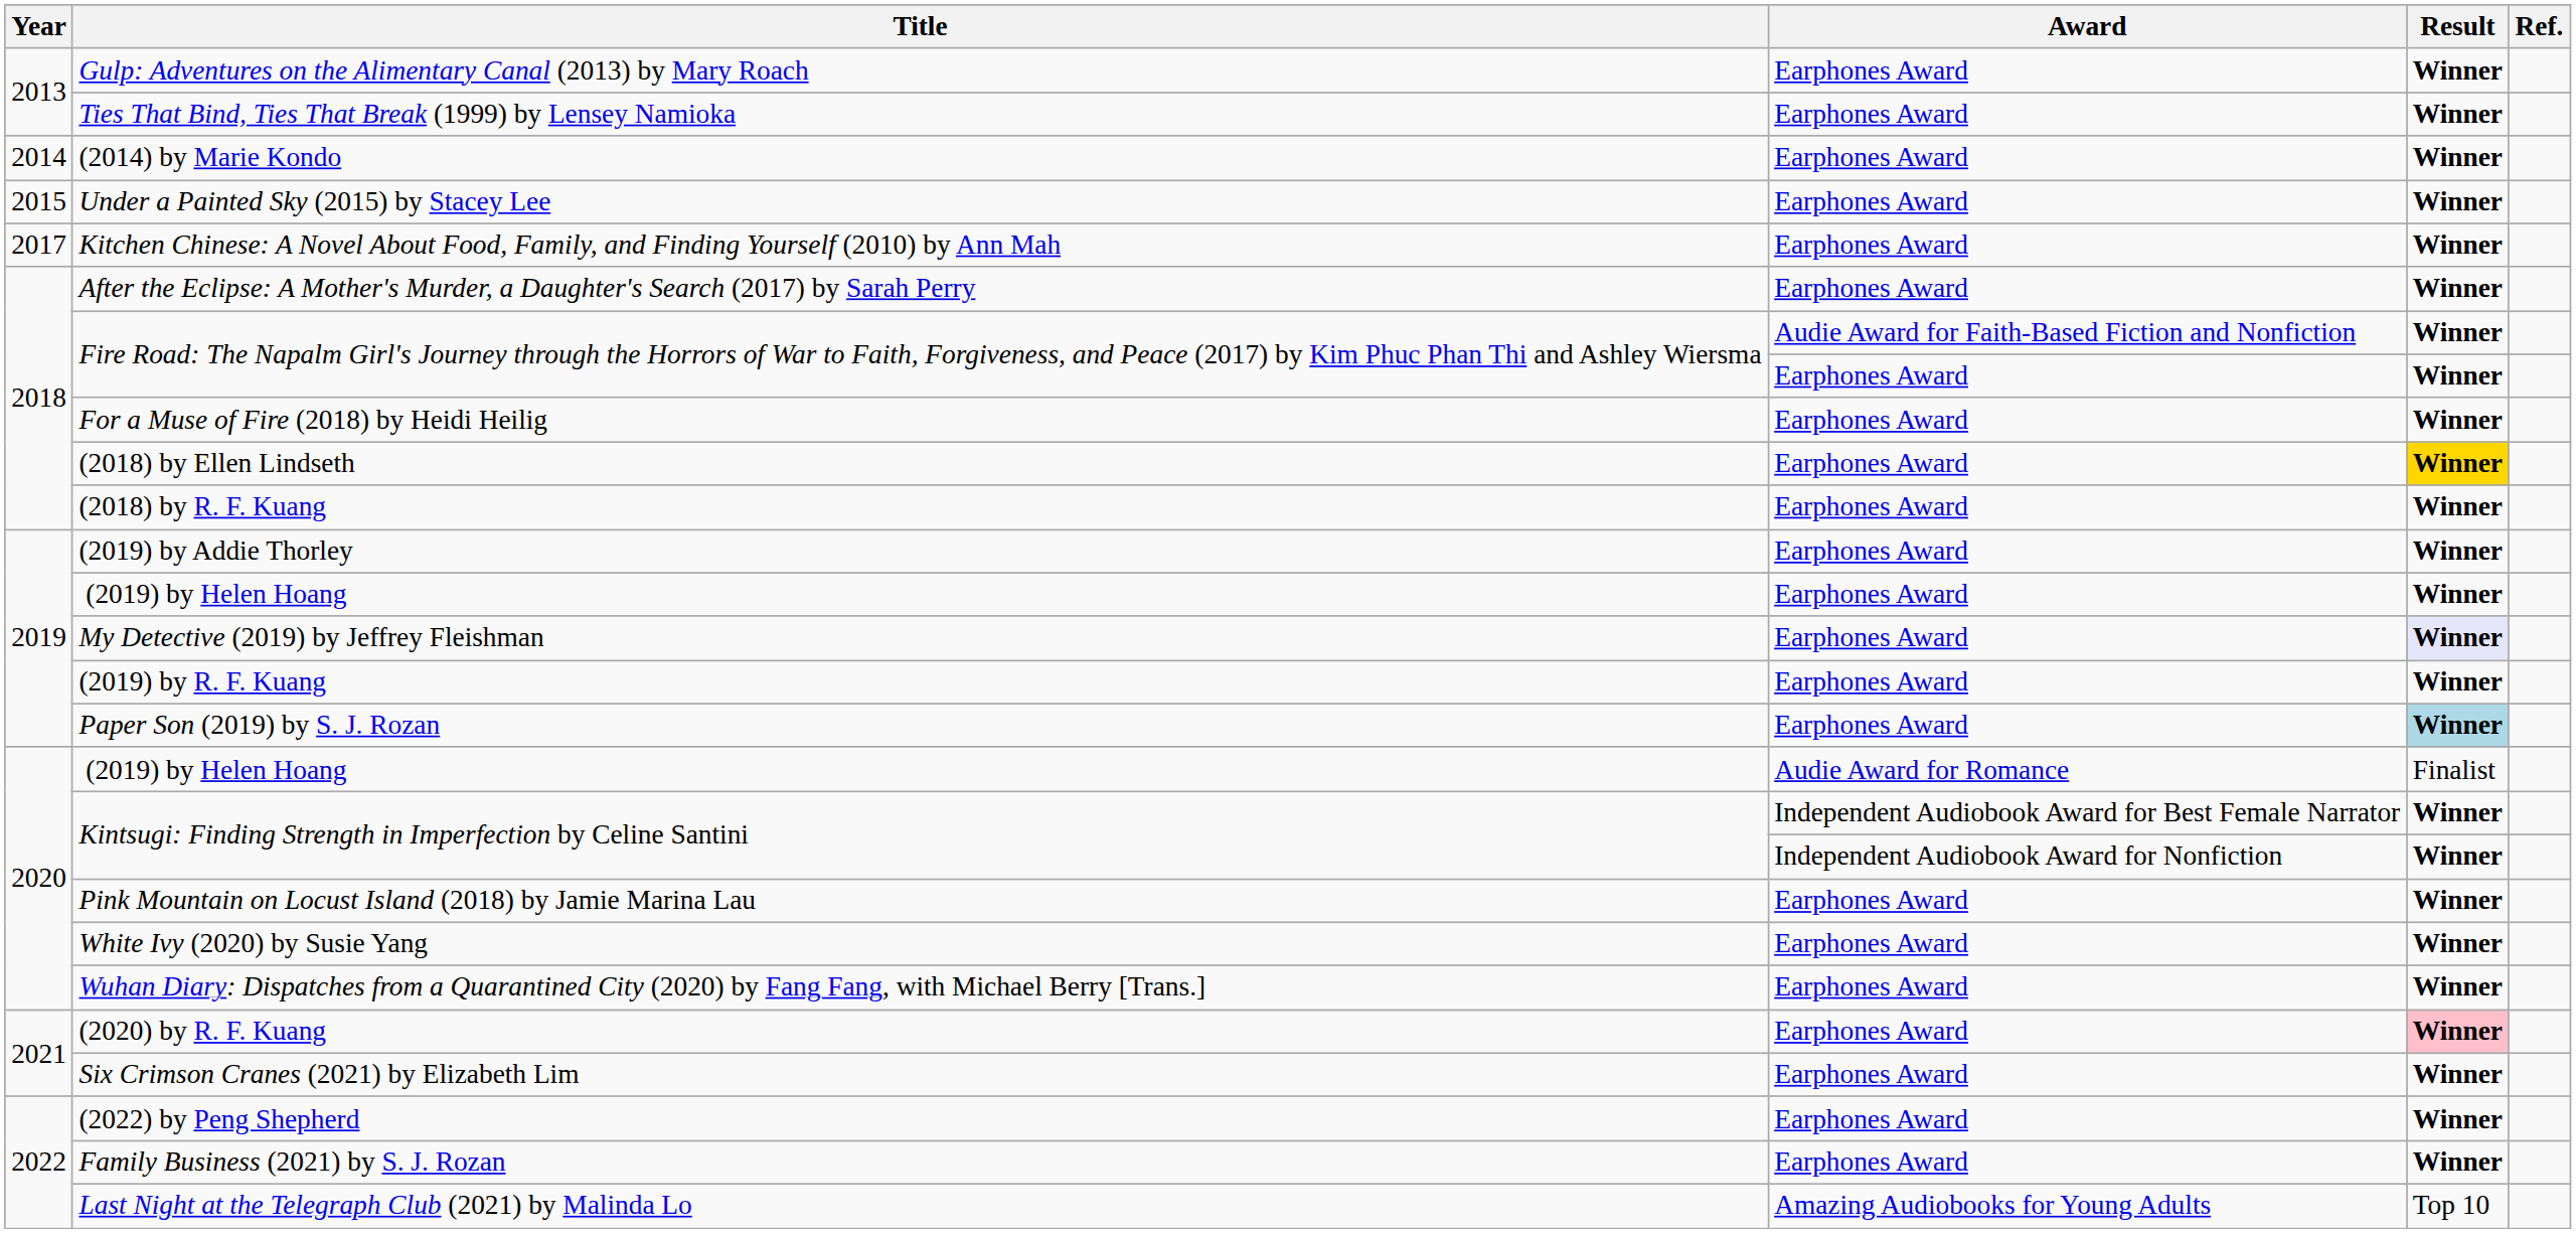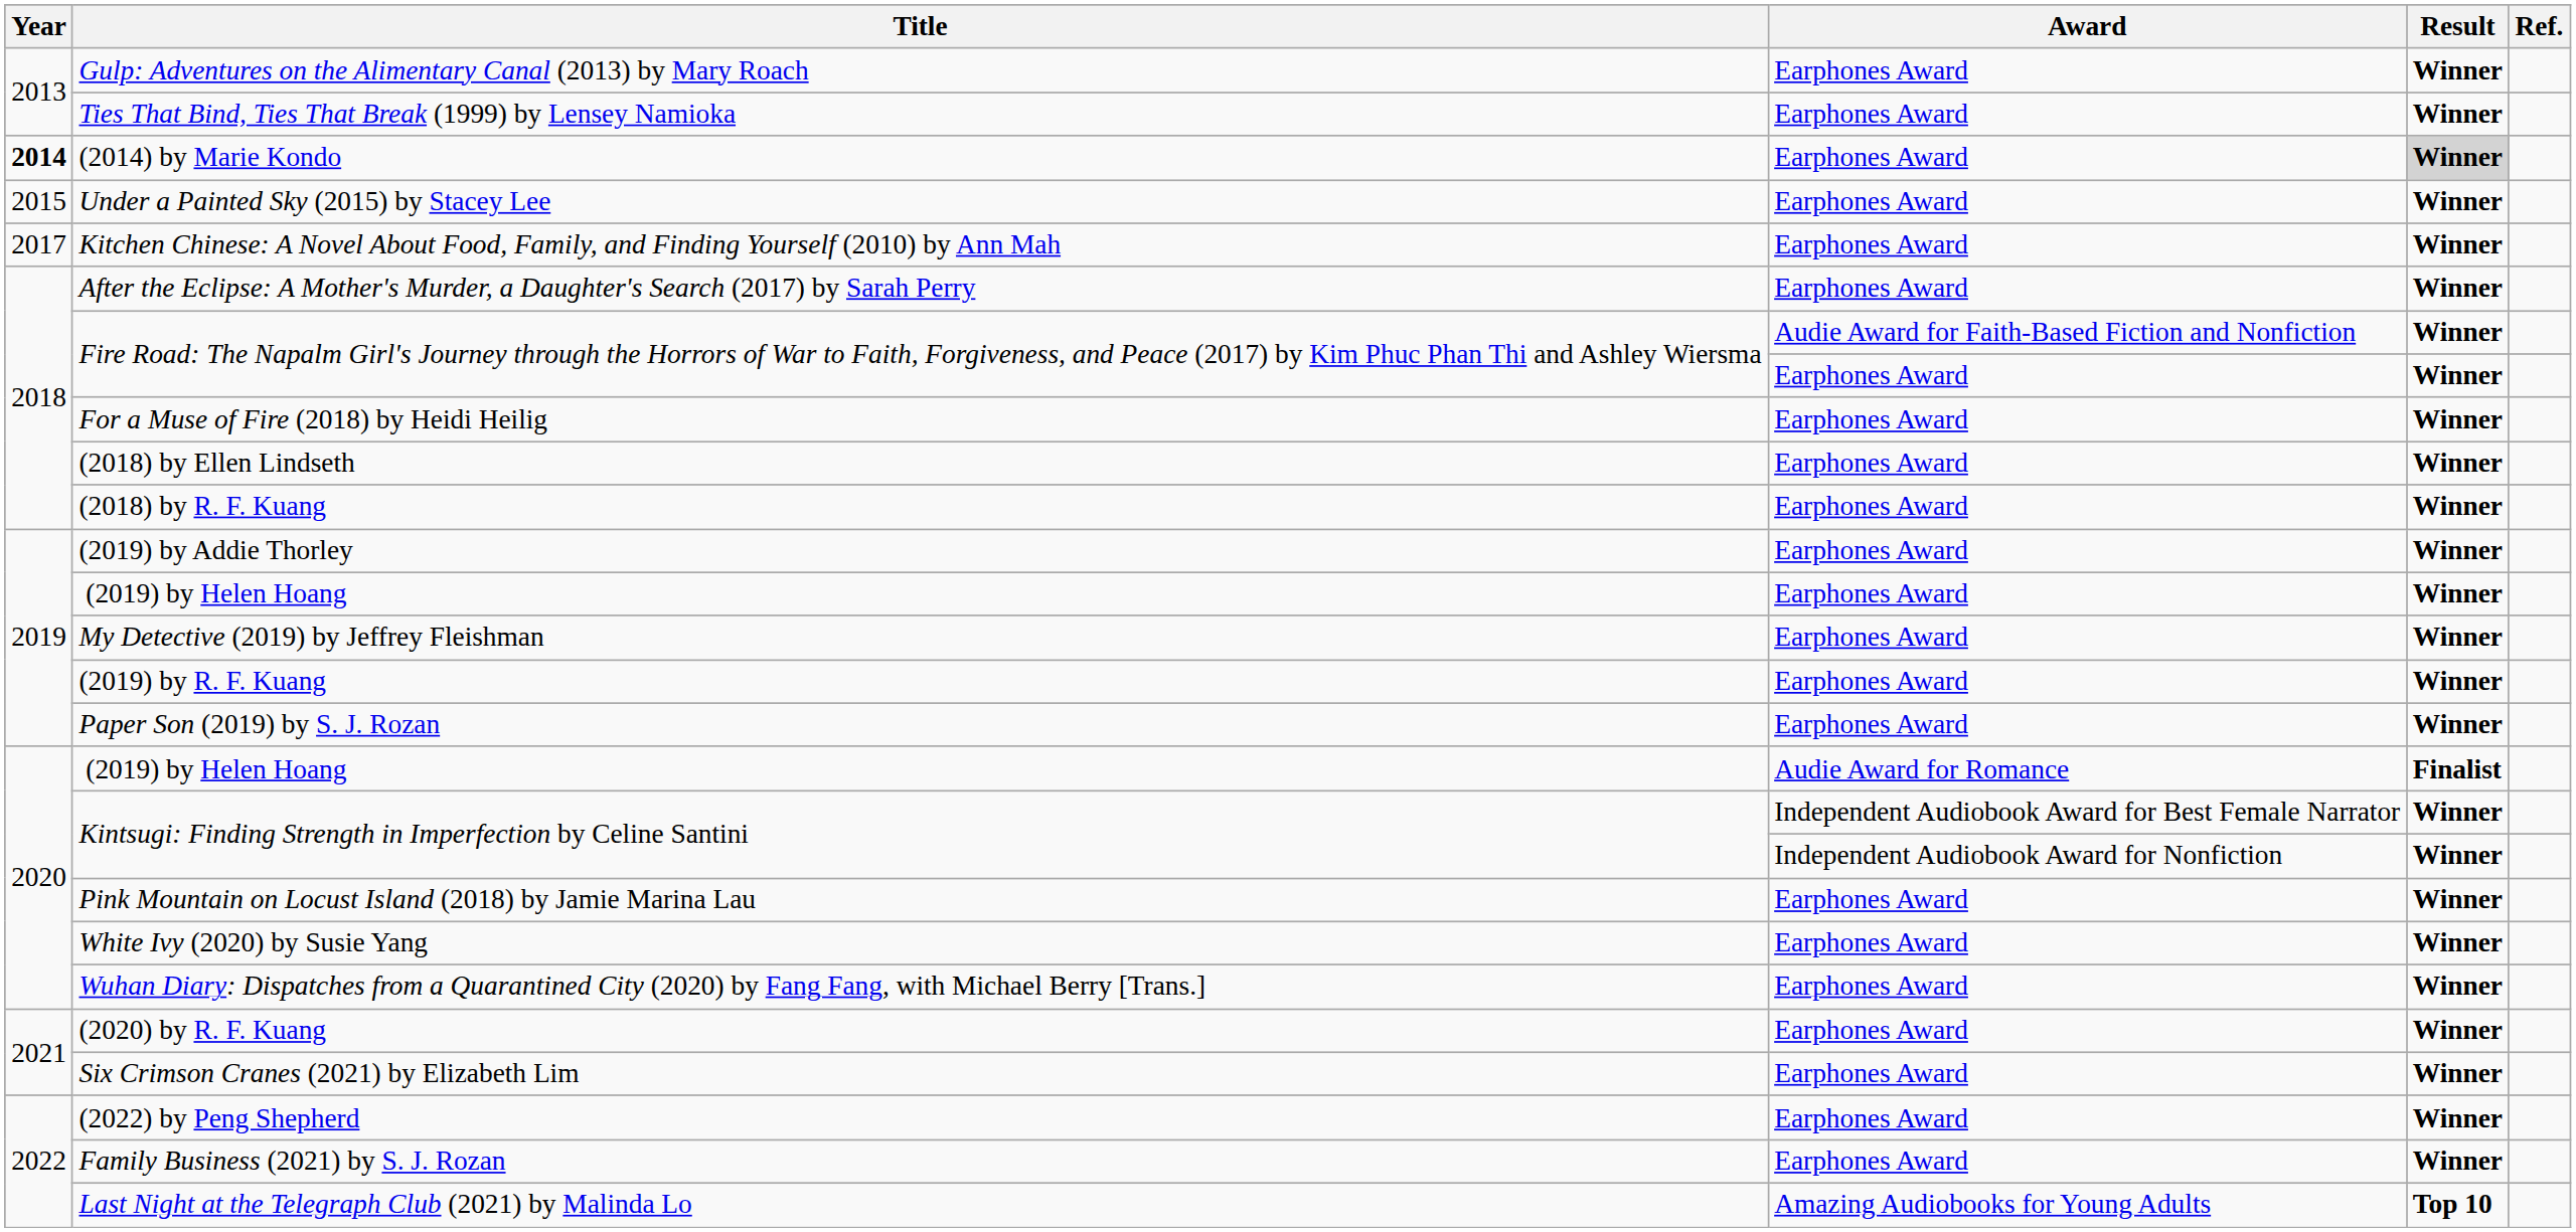 <table class="wikitable sortable mw-collapsible">
 <tr>
 <th>Year</th>
 <th>Title</th>
 <th>Award</th>
 <th>Result</th>
 <th>Ref.</th>
 </tr>
 <tr>
 <td rowspan="2">2013</td>
 <td><em><a href='#'>Gulp: Adventures on the Alimentary Canal</a></em> (2013) by <a href='#'>Mary Roach</a></td>
 <td><a href='#'>Earphones Award</a></td>
 <td><strong>Winner</strong></td>
 <td></td>
 </tr>
 <tr>
 <td><em><a href='#'>Ties That Bind, Ties That Break</a></em> (1999) by <a href='#'>Lensey Namioka</a></td>
 <td><a href='#'>Earphones Award</a></td>
 <td><strong>Winner</strong></td>
 <td></td>
 </tr>
 <tr>
-<td>2014</td>
+<td><strong>2014</strong></td>
 <td><em></em> (2014) by <a href='#'>Marie Kondo</a></td>
 <td><a href='#'>Earphones Award</a></td>
-<td><strong>Winner</strong></td>
+<td style="background: lightgrey;"><strong>Winner</strong></td>
 <td></td>
 </tr>
 <tr>
 <td>2015</td>
 <td><em>Under a Painted Sky</em> (2015) by <a href='#'>Stacey Lee</a></td>
 <td><a href='#'>Earphones Award</a></td>
 <td><strong>Winner</strong></td>
 <td></td>
 </tr>
 <tr>
 <td>2017</td>
 <td><em>Kitchen Chinese: A Novel About Food, Family, and Finding Yourself</em> (2010) by <a href='#'>Ann Mah</a></td>
 <td><a href='#'>Earphones Award</a></td>
 <td><strong>Winner</strong></td>
 <td></td>
 </tr>
 <tr>
 <td rowspan="6">2018</td>
 <td><em>After the Eclipse: A Mother's Murder, a Daughter's Search</em> (2017) by <a href='#'>Sarah Perry</a></td>
 <td><a href='#'>Earphones Award</a></td>
 <td><strong>Winner</strong></td>
 <td></td>
 </tr>
 <tr>
 <td rowspan="2"><em>Fire Road: The Napalm Girl's Journey through the Horrors of War to Faith, Forgiveness, and Peace</em> (2017) by <a href='#'>Kim Phuc Phan Thi</a> and Ashley Wiersma</td>
 <td><a href='#'>Audie Award for Faith-Based Fiction and Nonfiction</a></td>
 <td><strong>Winner</strong></td>
 <td></td>
 </tr>
 <tr>
 <td><a href='#'>Earphones Award</a></td>
 <td><strong>Winner</strong></td>
 <td></td>
 </tr>
 <tr>
 <td><em>For a Muse of Fire</em> (2018) by Heidi Heilig</td>
 <td><a href='#'>Earphones Award</a></td>
 <td><strong>Winner</strong></td>
 <td></td>
 </tr>
 <tr>
 <td><em></em> (2018) by Ellen Lindseth</td>
 <td><a href='#'>Earphones Award</a></td>
-<td style="background: gold;"><strong>Winner</strong></td>
+<td><strong>Winner</strong></td>
 <td></td>
 </tr>
 <tr>
 <td><em></em> (2018) by <a href='#'>R. F. Kuang</a></td>
 <td><a href='#'>Earphones Award</a></td>
 <td><strong>Winner</strong></td>
 <td></td>
 </tr>
 <tr>
 <td rowspan="5">2019</td>
 <td><em></em> (2019) by Addie Thorley</td>
 <td><a href='#'>Earphones Award</a></td>
 <td><strong>Winner</strong></td>
 <td></td>
 </tr>
 <tr>
 <td><em></em> (2019) by <a href='#'>Helen Hoang</a></td>
 <td><a href='#'>Earphones Award</a></td>
 <td><strong>Winner</strong></td>
 <td></td>
 </tr>
 <tr>
 <td><em>My Detective</em> (2019) by Jeffrey Fleishman</td>
 <td><a href='#'>Earphones Award</a></td>
-<td style="background: lavender;"><strong>Winner</strong></td>
+<td><strong>Winner</strong></td>
 <td></td>
 </tr>
 <tr>
 <td><em></em> (2019) by <a href='#'>R. F. Kuang</a></td>
 <td><a href='#'>Earphones Award</a></td>
 <td><strong>Winner</strong></td>
 <td></td>
 </tr>
 <tr>
 <td><em>Paper Son</em> (2019) by <a href='#'>S. J. Rozan</a></td>
 <td><a href='#'>Earphones Award</a></td>
-<td style="background: lightblue;"><strong>Winner</strong></td>
+<td><strong>Winner</strong></td>
 <td></td>
 </tr>
 <tr>
 <td rowspan="6">2020</td>
 <td><em></em> (2019) by <a href='#'>Helen Hoang</a></td>
 <td><a href='#'>Audie Award for Romance</a></td>
-<td>Finalist</td>
+<td><strong>Finalist</strong></td>
 <td></td>
 </tr>
 <tr>
 <td rowspan="2"><em>Kintsugi: Finding Strength in Imperfection</em> by Celine Santini</td>
 <td>Independent Audiobook Award for Best Female Narrator</td>
 <td><strong>Winner</strong></td>
 <td></td>
 </tr>
 <tr>
 <td>Independent Audiobook Award for Nonfiction</td>
 <td><strong>Winner</strong></td>
 <td></td>
 </tr>
 <tr>
 <td><em>Pink Mountain on Locust Island</em> (2018) by Jamie Marina Lau</td>
 <td><a href='#'>Earphones Award</a></td>
 <td><strong>Winner</strong></td>
 <td></td>
 </tr>
 <tr>
 <td><em>White Ivy</em> (2020) by Susie Yang</td>
 <td><a href='#'>Earphones Award</a></td>
 <td><strong>Winner</strong></td>
 <td></td>
 </tr>
 <tr>
 <td><em><a href='#'>Wuhan Diary</a>: Dispatches from a Quarantined City</em> (2020) by <a href='#'>Fang Fang</a>, with Michael Berry [Trans.]</td>
 <td><a href='#'>Earphones Award</a></td>
 <td><strong>Winner</strong></td>
 <td></td>
 </tr>
 <tr>
 <td rowspan="2">2021</td>
 <td><em></em> (2020) by <a href='#'>R. F. Kuang</a></td>
 <td><a href='#'>Earphones Award</a></td>
-<td style="background: pink;"><strong>Winner</strong></td>
+<td><strong>Winner</strong></td>
 <td></td>
 </tr>
 <tr>
 <td><em>Six Crimson Cranes</em> (2021) by Elizabeth Lim</td>
 <td><a href='#'>Earphones Award</a></td>
 <td><strong>Winner</strong></td>
 <td></td>
 </tr>
 <tr>
 <td rowspan="3">2022</td>
 <td><em></em> (2022) by <a href='#'>Peng Shepherd</a></td>
 <td><a href='#'>Earphones Award</a></td>
 <td><strong>Winner</strong></td>
 <td></td>
 </tr>
 <tr>
 <td><em>Family Business</em> (2021) by <a href='#'>S. J. Rozan</a></td>
 <td><a href='#'>Earphones Award</a></td>
 <td><strong>Winner</strong></td>
 <td></td>
 </tr>
 <tr>
 <td><em><a href='#'>Last Night at the Telegraph Club</a></em> (2021) by <a href='#'>Malinda Lo</a></td>
 <td><a href='#'>Amazing Audiobooks for Young Adults</a></td>
-<td>Top 10</td>
+<td><strong>Top 10</strong></td>
 <td></td>
 </tr>
 </table>
